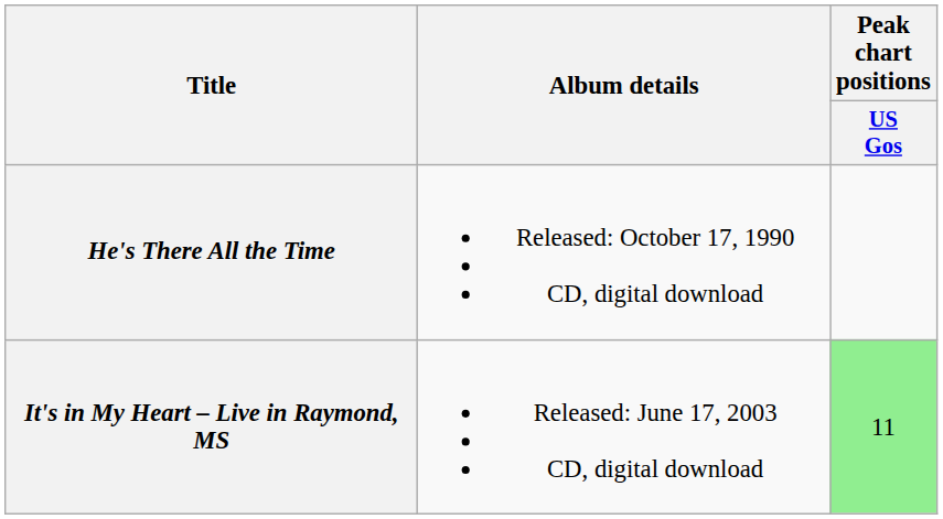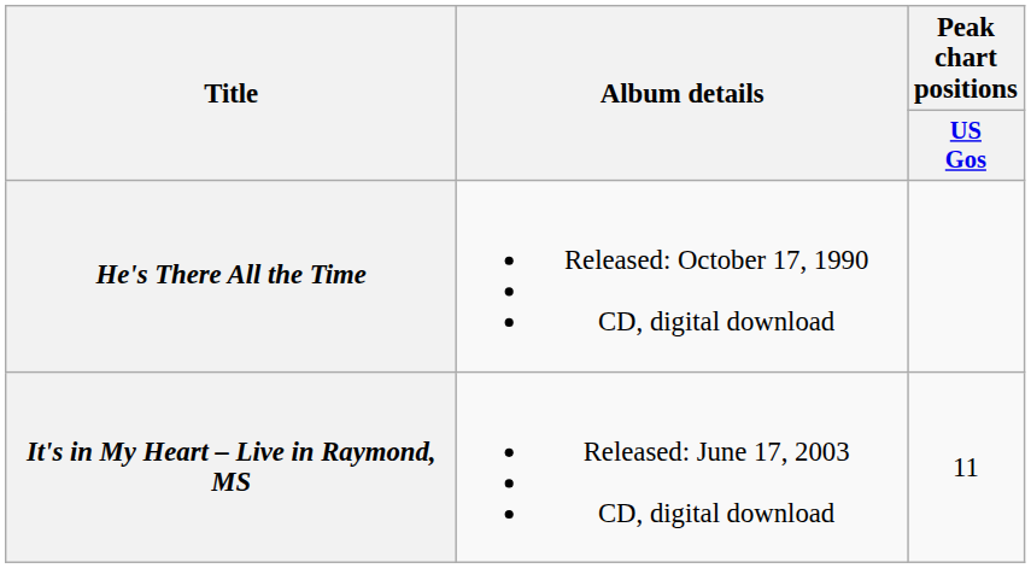 <table class="wikitable plainrowheaders" style="text-align:center;">
 <tr>
 <th scope="col" rowspan="2" style="width:16em;">Title</th>
 <th scope="col" rowspan="2" style="width:16em;">Album details</th>
 <th scope="col" colspan="1">Peak chart positions</th>
 </tr>
 <tr>
 <th style="width:3em; font-size:90%"><a href='#'>US<br>Gos</a></th>
 </tr>
 <tr>
 <th scope="row"><em>He's There All the Time</em></th>
 <td><br><ul><li>Released: October 17, 1990</li><li></li><li>CD, digital download</li></ul></td>
 <td></td>
 </tr>
 <tr>
 <th scope="row"><em>It's in My Heart – Live in Raymond, MS</em></th>
 <td><br><ul><li>Released: June 17, 2003</li><li></li><li>CD, digital download</li></ul></td>
-<td style="background: lightgreen;">11</td>
+<td>11</td>
 </tr>
 </table>
